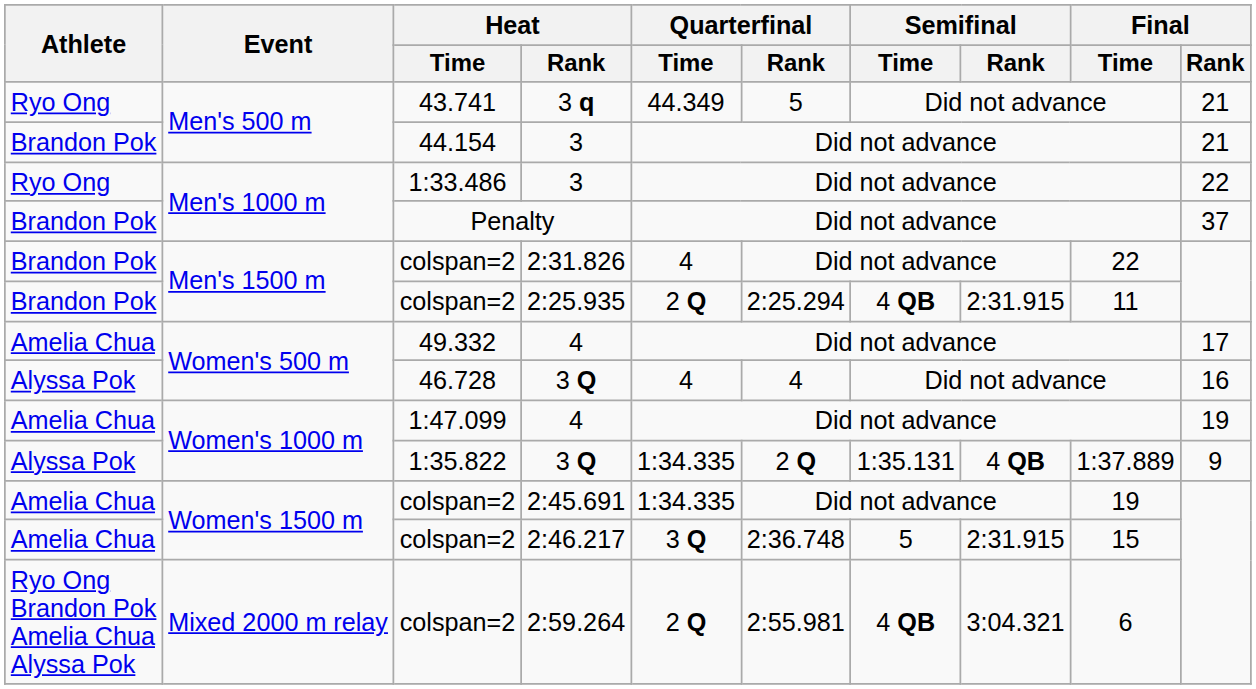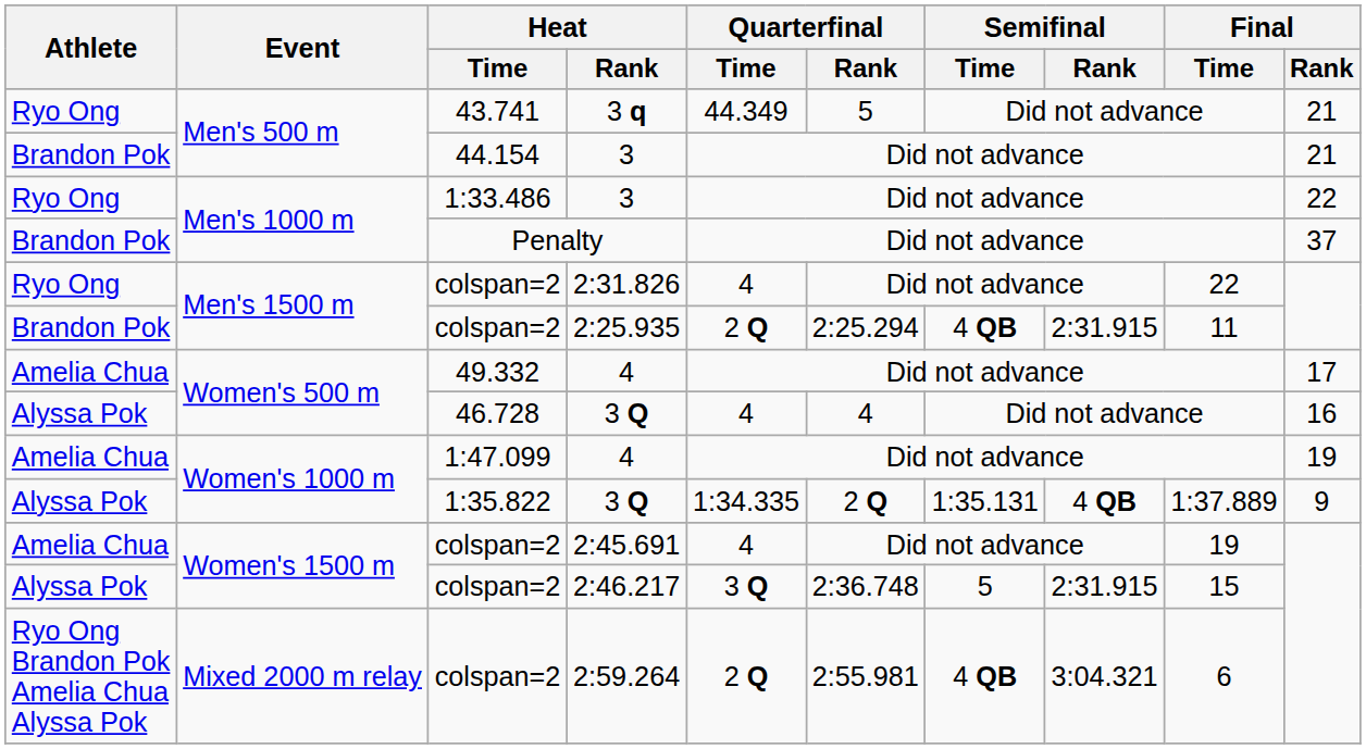 <table class="wikitable" style="font-size:90%">
 <tr>
 <th rowspan=2>Athlete</th>
 <th rowspan=2>Event</th>
 <th colspan=2>Heat</th>
 <th colspan=2>Quarterfinal</th>
 <th colspan=2>Semifinal</th>
 <th colspan=2>Final</th>
 </tr>
 <tr style="font-size:95%">
 <th>Time</th>
 <th>Rank</th>
 <th>Time</th>
 <th>Rank</th>
 <th>Time</th>
 <th>Rank</th>
 <th>Time</th>
 <th>Rank</th>
 </tr>
 <tr align=center>
 <td align=left><a href='#'>Ryo Ong</a></td>
 <td align=left rowspan=2><a href='#'>Men's 500 m</a></td>
 <td>43.741</td>
 <td>3 <strong>q</strong></td>
 <td>44.349</td>
 <td>5</td>
 <td colspan=3>Did not advance</td>
 <td>21</td>
 </tr>
 <tr align=center>
 <td align=left><a href='#'>Brandon Pok</a></td>
 <td>44.154</td>
 <td>3</td>
 <td colspan=5>Did not advance</td>
 <td>21</td>
 </tr>
 <tr align=center>
 <td align=left><a href='#'>Ryo Ong</a></td>
 <td align=left rowspan=2><a href='#'>Men's 1000 m</a></td>
 <td>1:33.486</td>
 <td>3</td>
 <td colspan=5>Did not advance</td>
 <td>22</td>
 </tr>
 <tr align=center>
 <td align=left><a href='#'>Brandon Pok</a></td>
 <td colspan=2>Penalty</td>
 <td colspan=5>Did not advance</td>
 <td>37</td>
 </tr>
 <tr align=center>
-<td align=left><a href='#'>Brandon Pok</a></td>
+<td align=left><a href='#'>Ryo Ong</a></td>
 <td align=left rowspan=2><a href='#'>Men's 1500 m</a></td>
 <td>colspan=2 </td>
 <td>2:31.826</td>
 <td>4</td>
 <td colspan=3>Did not advance</td>
 <td>22</td>
 </tr>
 <tr align=center>
 <td align=left><a href='#'>Brandon Pok</a></td>
 <td>colspan=2 </td>
 <td>2:25.935</td>
 <td>2 <strong>Q</strong></td>
 <td>2:25.294</td>
 <td>4 <strong>QB</strong></td>
 <td>2:31.915</td>
 <td>11</td>
 </tr>
 <tr align=center>
 <td align=left><a href='#'>Amelia Chua</a></td>
 <td align=left rowspan=2><a href='#'>Women's 500 m</a></td>
 <td>49.332</td>
 <td>4</td>
 <td colspan=5>Did not advance</td>
 <td>17</td>
 </tr>
 <tr align=center>
 <td align=left><a href='#'>Alyssa Pok</a></td>
 <td>46.728</td>
 <td>3 <strong>Q</strong></td>
 <td>4</td>
 <td>4</td>
 <td colspan=3>Did not advance</td>
 <td>16</td>
 </tr>
 <tr align=center>
 <td align=left><a href='#'>Amelia Chua</a></td>
 <td align=left rowspan=2><a href='#'>Women's 1000 m</a></td>
 <td>1:47.099</td>
 <td>4</td>
 <td colspan=5>Did not advance</td>
 <td>19</td>
 </tr>
 <tr align=center>
 <td align=left><a href='#'>Alyssa Pok</a></td>
 <td>1:35.822</td>
 <td>3 <strong>Q</strong></td>
 <td>1:34.335</td>
 <td>2 <strong>Q</strong></td>
 <td>1:35.131</td>
 <td>4 <strong>QB</strong></td>
 <td>1:37.889</td>
 <td>9</td>
 </tr>
 <tr align=center>
 <td align=left><a href='#'>Amelia Chua</a></td>
 <td align=left rowspan=2><a href='#'>Women's 1500 m</a></td>
 <td>colspan=2 </td>
 <td>2:45.691</td>
-<td>1:34.335</td>
+<td>4</td>
 <td colspan=3>Did not advance</td>
 <td>19</td>
 </tr>
 <tr align=center>
-<td align=left><a href='#'>Amelia Chua</a></td>
+<td align=left><a href='#'>Alyssa Pok</a></td>
 <td>colspan=2 </td>
 <td>2:46.217</td>
 <td>3 <strong>Q</strong></td>
 <td>2:36.748</td>
 <td>5</td>
 <td>2:31.915</td>
 <td>15</td>
 </tr>
 <tr align=center>
 <td align=left><a href='#'>Ryo Ong</a><br><a href='#'>Brandon Pok</a><br><a href='#'>Amelia Chua</a><br><a href='#'>Alyssa Pok</a></td>
 <td align=left><a href='#'>Mixed 2000 m relay</a></td>
 <td>colspan=2 </td>
 <td>2:59.264</td>
 <td>2 <strong>Q</strong></td>
 <td>2:55.981</td>
 <td>4 <strong>QB</strong></td>
 <td>3:04.321</td>
 <td>6</td>
 </tr>
 </table>
